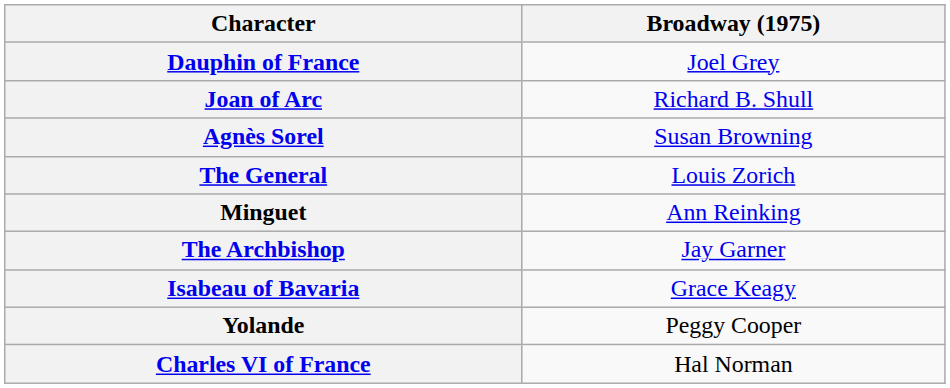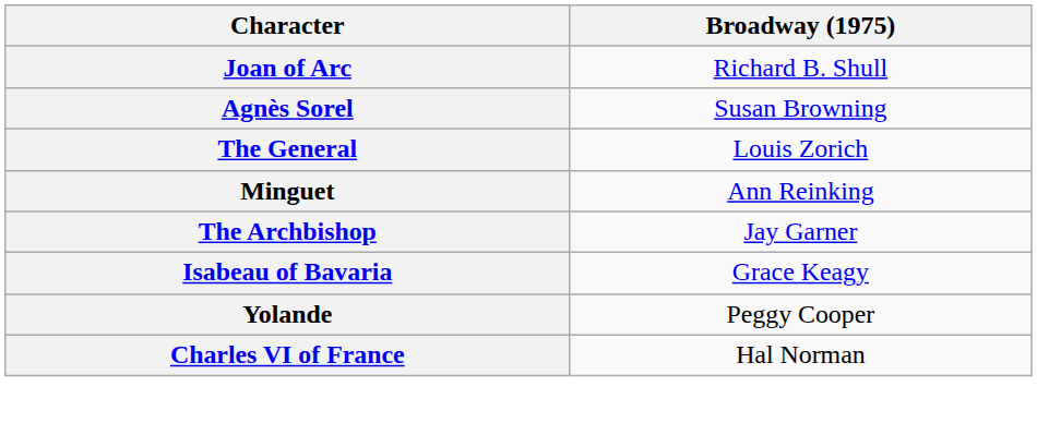 <table class="wikitable" style="width:50%; text-align:center">
 <tr>
 <th scope="col">Character</th>
 <th>Broadway (1975)</th>
-</tr>
-<tr>
-<th><a href='#'>Dauphin of France</a></th>
-<td colspan="1"><a href='#'>Joel Grey</a></td>
 </tr>
 <tr>
 <th><a href='#'>Joan of Arc</a></th>
 <td colspan="1"><a href='#'>Richard B. Shull</a></td>
 </tr>
 <tr>
 <th><a href='#'>Agnès Sorel</a></th>
 <td colspan="1”"><a href='#'>Susan Browning</a></td>
 </tr>
 <tr>
 <th><a href='#'>The General</a></th>
 <td colspan="1"><a href='#'>Louis Zorich</a></td>
 </tr>
 <tr>
 <th>Minguet</th>
 <td colspan="1”"><a href='#'>Ann Reinking</a></td>
 </tr>
 <tr>
 <th><a href='#'>The Archbishop</a></th>
 <td colspan="1"><a href='#'>Jay Garner</a></td>
 </tr>
 <tr>
 <th><a href='#'>Isabeau of Bavaria</a></th>
 <td colspan="1"><a href='#'>Grace Keagy</a></td>
 </tr>
 <tr>
 <th>Yolande</th>
 <td colspan="1">Peggy Cooper</td>
 </tr>
 <tr>
 <th><a href='#'>Charles VI of France</a></th>
 <td colspan="1">Hal Norman</td>
 </tr>
 </table>
